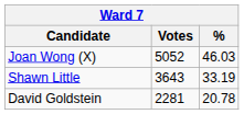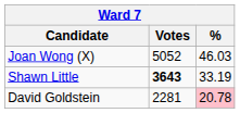 <table class="wikitable">
 <tr>
 <th colspan="3"><a href='#'>Ward 7</a></th>
 </tr>
 <tr>
 <th style="width: 170px">Candidate</th>
 <th style="width: 50px">Votes</th>
 <th style="width: 40px">%</th>
 </tr>
 <tr>
 <td><a href='#'>Joan Wong</a> (X)</td>
 <td>5052</td>
 <td>46.03</td>
 </tr>
 <tr>
 <td><a href='#'>Shawn Little</a></td>
-<td>3643</td>
+<td><strong>3643</strong></td>
 <td>33.19</td>
 </tr>
 <tr>
 <td>David Goldstein</td>
 <td>2281</td>
-<td>20.78</td>
+<td style="background: pink;">20.78</td>
 </tr>
 </table>
